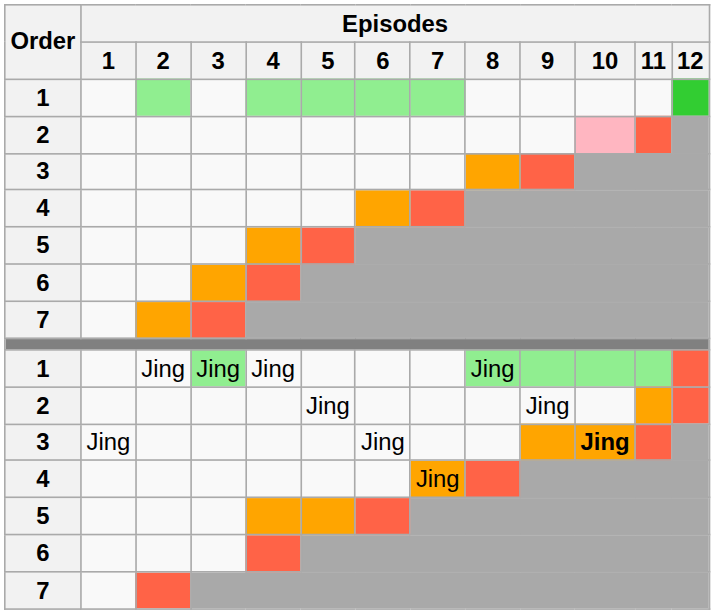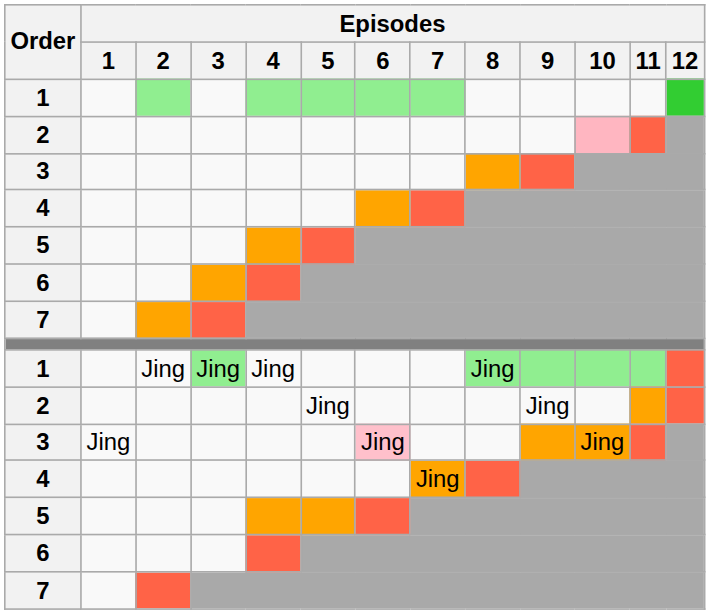 <table class="wikitable" style="text-align:center; font-size:92%">
 <tr>
 <th rowspan=2>Order</th>
 <th colspan=15>Episodes</th>
 </tr>
 <tr>
 <th>1</th>
 <th>2</th>
 <th>3</th>
 <th>4</th>
 <th>5</th>
 <th>6</th>
 <th>7</th>
 <th>8</th>
 <th>9</th>
 <th>10</th>
 <th>11</th>
 <th>12</th>
 </tr>
 <tr>
 <th>1</th>
 <td><span></span></td>
 <td style="background:lightgreen;"></td>
 <td></td>
 <td style="background:lightgreen;"></td>
 <td style="background:lightgreen;"></td>
 <td style="background:lightgreen;"></td>
 <td style="background:lightgreen;"></td>
 <td></td>
 <td></td>
 <td></td>
 <td></td>
 <td style="background:limegreen;"></td>
 </tr>
 <tr>
 <th>2</th>
 <td><span></span></td>
 <td></td>
 <td></td>
 <td></td>
 <td></td>
 <td></td>
 <td></td>
 <td></td>
 <td></td>
 <td style="background:lightpink;"></td>
 <td style="background:tomato;"></td>
 <td style="background:darkgray" colspan="8"></td>
 </tr>
 <tr>
 <th>3</th>
 <td><span></span></td>
 <td></td>
 <td></td>
 <td></td>
 <td></td>
 <td></td>
 <td></td>
 <td style="background:orange;"></td>
 <td style="background:tomato;"></td>
 <td style="background:darkgray" colspan="8"></td>
 </tr>
 <tr>
 <th>4</th>
 <td><span></span></td>
 <td></td>
 <td></td>
 <td></td>
 <td></td>
 <td style="background:orange;"></td>
 <td style="background:tomato;"></td>
 <td style="background:darkgray" colspan="9"></td>
 </tr>
 <tr>
 <th>5</th>
 <td><span></span></td>
 <td></td>
 <td></td>
 <td style="background:orange;"></td>
 <td style="background:tomato;"></td>
 <td style="background:darkgray" colspan="10"></td>
 </tr>
 <tr>
 <th>6</th>
 <td><span></span></td>
 <td></td>
 <td style="background:orange;"></td>
 <td style="background:tomato;"></td>
 <td style="background:darkgray" colspan="11"></td>
 </tr>
 <tr>
 <th>7</th>
 <td><span></span></td>
 <td style="background:orange;"></td>
 <td style="background:tomato;"></td>
 <td style="background:darkgray" colspan="12"></td>
 </tr>
 <tr>
 <th style="background:gray" colspan="14"></th>
 </tr>
 <tr>
 <th>1</th>
 <td><span></span></td>
 <td>Jing</td>
 <td style="background:lightgreen;">Jing</td>
 <td>Jing</td>
 <td></td>
 <td></td>
 <td></td>
 <td style="background:lightgreen;">Jing</td>
 <td style="background:lightgreen;"></td>
 <td style="background:lightgreen;"></td>
 <td style="background:lightgreen;"></td>
 <td style="background:tomato;"></td>
 </tr>
 <tr>
 <th>2</th>
 <td><span></span></td>
 <td></td>
 <td></td>
 <td></td>
 <td>Jing</td>
 <td></td>
 <td></td>
 <td></td>
 <td>Jing</td>
 <td></td>
 <td style="background:orange;"></td>
 <td style="background:tomato;"></td>
 </tr>
 <tr>
 <th>3</th>
 <td><span>Jing</span></td>
 <td></td>
 <td></td>
 <td></td>
 <td></td>
-<td>Jing</td>
+<td style="background: pink;">Jing</td>
 <td></td>
 <td></td>
 <td style="background:orange;"></td>
-<td style="background:orange;"><strong>Jing</strong></td>
+<td style="background:orange;">Jing</td>
 <td style="background:tomato;"></td>
 <td style="background:darkgray" colspan="9"></td>
 </tr>
 <tr>
 <th>4</th>
 <td><span></span></td>
 <td></td>
 <td></td>
 <td></td>
 <td></td>
 <td></td>
 <td style="background:orange;">Jing</td>
 <td style="background:tomato;"></td>
 <td style="background:darkgray" colspan="9"></td>
 </tr>
 <tr>
 <th>5</th>
 <td><span></span></td>
 <td></td>
 <td></td>
 <td style="background:orange;"></td>
 <td style="background:orange;"></td>
 <td style="background:tomato;"></td>
 <td style="background:darkgray" colspan="10"></td>
 </tr>
 <tr>
 <th>6</th>
 <td><span></span></td>
 <td></td>
 <td></td>
 <td style="background:tomato;"></td>
 <td style="background:darkgray" colspan="11"></td>
 </tr>
 <tr>
 <th>7</th>
 <td><span></span></td>
 <td style="background:tomato;"></td>
 <td style="background:darkgray" colspan="12"></td>
 </tr>
 </table>
